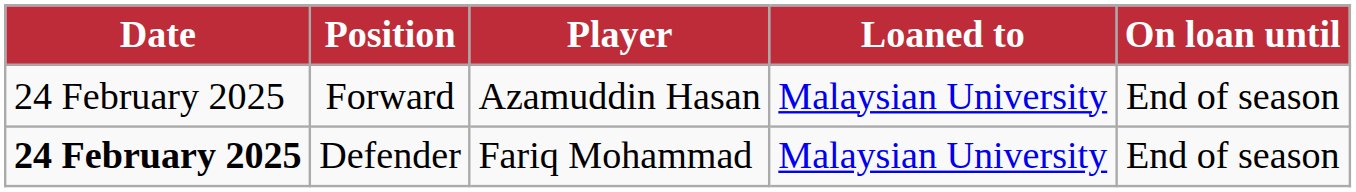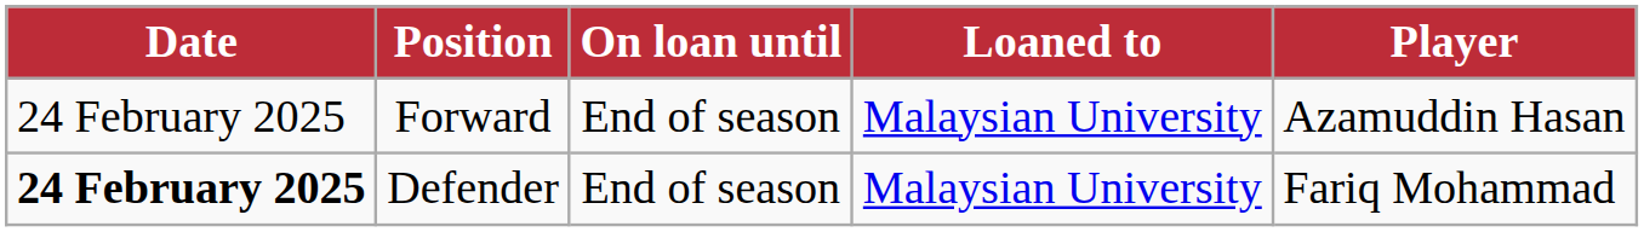 <table class="wikitable sortable">
 <tr>
 <th style="background-color:#bd2c38; color:white;">Date</th>
 <th style="background-color:#bd2c38; color:white;">Position</th>
+<th style="background-color:#bd2c38; color:white;">On loan until</th>
+<th style="background-color:#bd2c38; color:white;">Loaned to</th>
 <th style="background-color:#bd2c38; color:white;">Player</th>
-<th style="background-color:#bd2c38; color:white;">Loaned to</th>
-<th style="background-color:#bd2c38; color:white;">On loan until</th>
 </tr>
 <tr>
 <td>24 February 2025</td>
 <td align="center">Forward</td>
+<td align="center">End of season</td>
+<td><a href='#'>Malaysian University</a></td>
 <td> Azamuddin Hasan</td>
-<td><a href='#'>Malaysian University</a></td>
-<td align="center">End of season</td>
 </tr>
 <tr>
 <td><strong>24 February 2025</strong></td>
 <td align="center">Defender</td>
+<td align="center">End of season</td>
+<td><a href='#'>Malaysian University</a></td>
 <td> Fariq Mohammad</td>
-<td><a href='#'>Malaysian University</a></td>
-<td align="center">End of season</td>
 </tr>
 </table>
